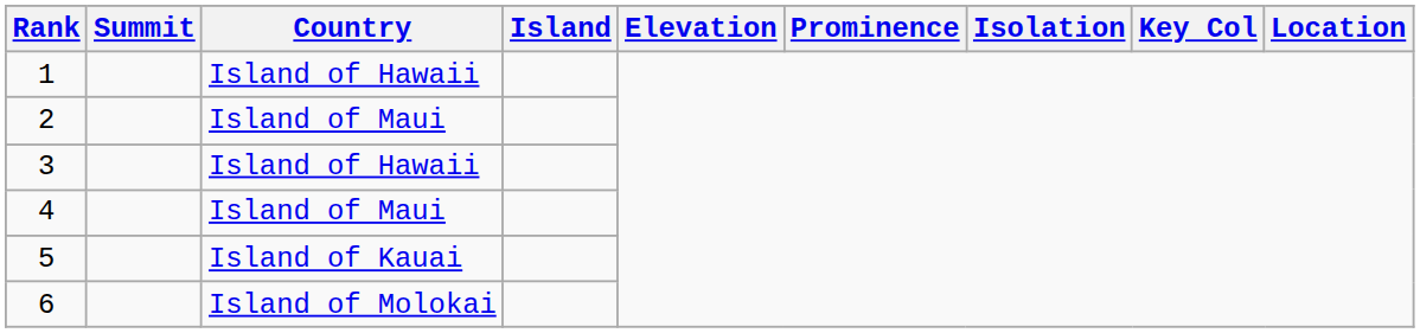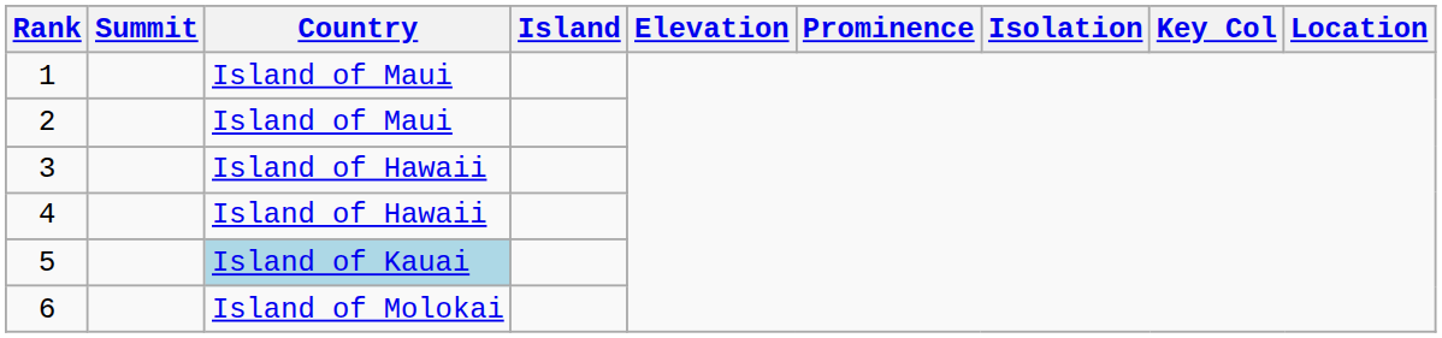 <table class="wikitable sortable">
 <tr>
 <th><a href='#'>Rank</a></th>
 <th><a href='#'>Summit</a></th>
 <th><a href='#'>Country</a></th>
 <th><a href='#'>Island</a></th>
 <th><a href='#'>Elevation</a></th>
 <th><a href='#'>Prominence</a></th>
 <th><a href='#'>Isolation</a></th>
 <th><a href='#'>Key Col</a></th>
 <th><a href='#'>Location</a></th>
 </tr>
 <tr>
 <td align=center>1<br></td>
 <td></td>
-<td><a href='#'>Island of Hawaii</a><br> </td>
+<td><a href='#'>Island of Maui</a><br> </td>
 <td></td>
 </tr>
 <tr>
 <td align=center>2<br></td>
 <td></td>
 <td><a href='#'>Island of Maui</a><br> </td>
 <td></td>
 </tr>
 <tr>
 <td align=center>3<br></td>
 <td></td>
 <td><a href='#'>Island of Hawaii</a><br> </td>
 <td></td>
 </tr>
 <tr>
 <td align=center>4<br></td>
 <td></td>
-<td><a href='#'>Island of Maui</a><br> </td>
+<td><a href='#'>Island of Hawaii</a><br> </td>
 <td></td>
 </tr>
 <tr>
 <td align=center>5<br></td>
 <td></td>
-<td><a href='#'>Island of Kauai</a><br> </td>
+<td style="background: lightblue;"><a href='#'>Island of Kauai</a><br> </td>
 <td></td>
 </tr>
 <tr>
 <td align=center>6<br></td>
 <td></td>
 <td><a href='#'>Island of Molokai</a><br> </td>
 <td></td>
 </tr>
 </table>
